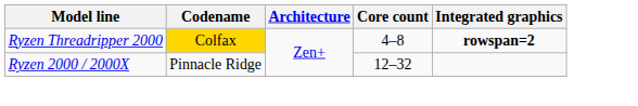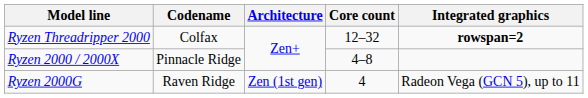 <table class="wikitable" style="text-align: center;">
 <tr>
 <th>Model line</th>
 <th>Codename</th>
 <th><a href='#'>Architecture</a></th>
 <th>Core count</th>
 <th>Integrated graphics</th>
 </tr>
 <tr>
 <td style="text-align: left;"><a href='#'><em>Ryzen Threadripper 2000</em></a></td>
-<td style="background: gold;">Colfax</td>
+<td>Colfax</td>
 <td rowspan=2><a href='#'>Zen+</a></td>
-<td>4–8</td>
+<td>12–32</td>
 <td><strong>rowspan=2 </strong></td>
 </tr>
 <tr>
 <td style="text-align: left;"><a href='#'><em>Ryzen 2000 / 2000X</em></a></td>
 <td>Pinnacle Ridge</td>
-<td>12–32</td>
+<td>4–8</td>
+</tr>
+<tr>
+<td style="text-align: left;"><a href='#'><em>Ryzen 2000G</em></a></td>
+<td>Raven Ridge</td>
+<td><a href='#'>Zen (1st gen)</a></td>
+<td>4</td>
+<td>Radeon Vega (<a href='#'>GCN 5</a>), up to 11 </td>
 </tr>
 </table>
